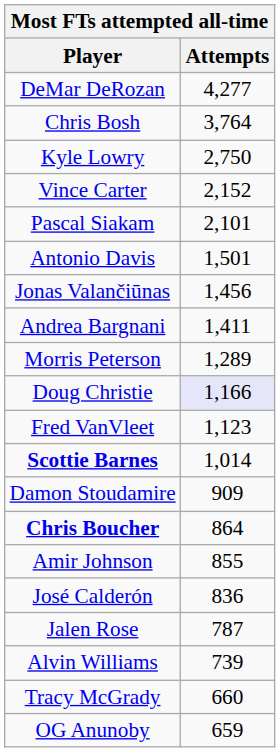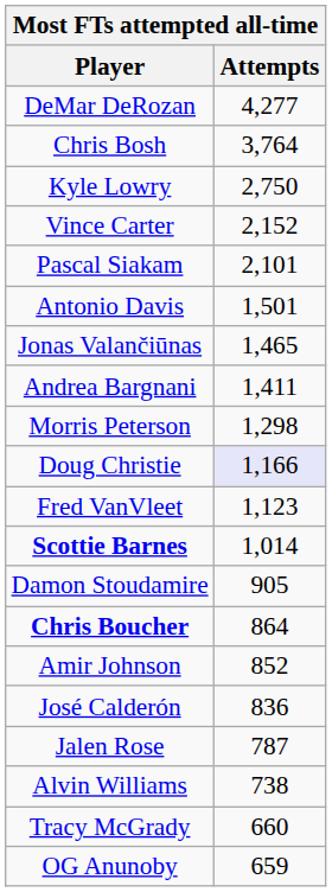 <table class="wikitable sortable" style="text-align:center">
 <tr>
 <th colspan="5">Most FTs attempted all-time</th>
 </tr>
 <tr>
 <th>Player</th>
 <th>Attempts</th>
 </tr>
 <tr>
 <td><a href='#'>DeMar DeRozan</a></td>
 <td>4,277</td>
 </tr>
 <tr>
 <td><a href='#'>Chris Bosh</a></td>
 <td>3,764</td>
 </tr>
 <tr>
 <td><a href='#'>Kyle Lowry</a></td>
 <td>2,750</td>
 </tr>
 <tr>
 <td><a href='#'>Vince Carter</a></td>
 <td>2,152</td>
 </tr>
 <tr>
 <td><a href='#'>Pascal Siakam</a></td>
 <td>2,101</td>
 </tr>
 <tr>
 <td><a href='#'>Antonio Davis</a></td>
 <td>1,501</td>
 </tr>
 <tr>
 <td><a href='#'>Jonas Valančiūnas</a></td>
-<td>1,456</td>
+<td>1,465</td>
 </tr>
 <tr>
 <td><a href='#'>Andrea Bargnani</a></td>
 <td>1,411</td>
 </tr>
 <tr>
 <td><a href='#'>Morris Peterson</a></td>
-<td>1,289</td>
+<td>1,298</td>
 </tr>
 <tr>
 <td><a href='#'>Doug Christie</a></td>
 <td style="background: lavender;">1,166</td>
 </tr>
 <tr>
 <td><a href='#'>Fred VanVleet</a></td>
 <td>1,123</td>
 </tr>
 <tr>
 <td><strong><a href='#'>Scottie Barnes</a></strong></td>
 <td>1,014</td>
 </tr>
 <tr>
 <td><a href='#'>Damon Stoudamire</a></td>
-<td>909</td>
+<td>905</td>
 </tr>
 <tr>
 <td><strong><a href='#'>Chris Boucher</a></strong></td>
 <td>864</td>
 </tr>
 <tr>
 <td><a href='#'>Amir Johnson</a></td>
-<td>855</td>
+<td>852</td>
 </tr>
 <tr>
 <td><a href='#'>José Calderón</a></td>
 <td>836</td>
 </tr>
 <tr>
 <td><a href='#'>Jalen Rose</a></td>
 <td>787</td>
 </tr>
 <tr>
 <td><a href='#'>Alvin Williams</a></td>
-<td>739</td>
+<td>738</td>
 </tr>
 <tr>
 <td><a href='#'>Tracy McGrady</a></td>
 <td>660</td>
 </tr>
 <tr>
 <td><a href='#'>OG Anunoby</a></td>
 <td>659</td>
 </tr>
 </table>
